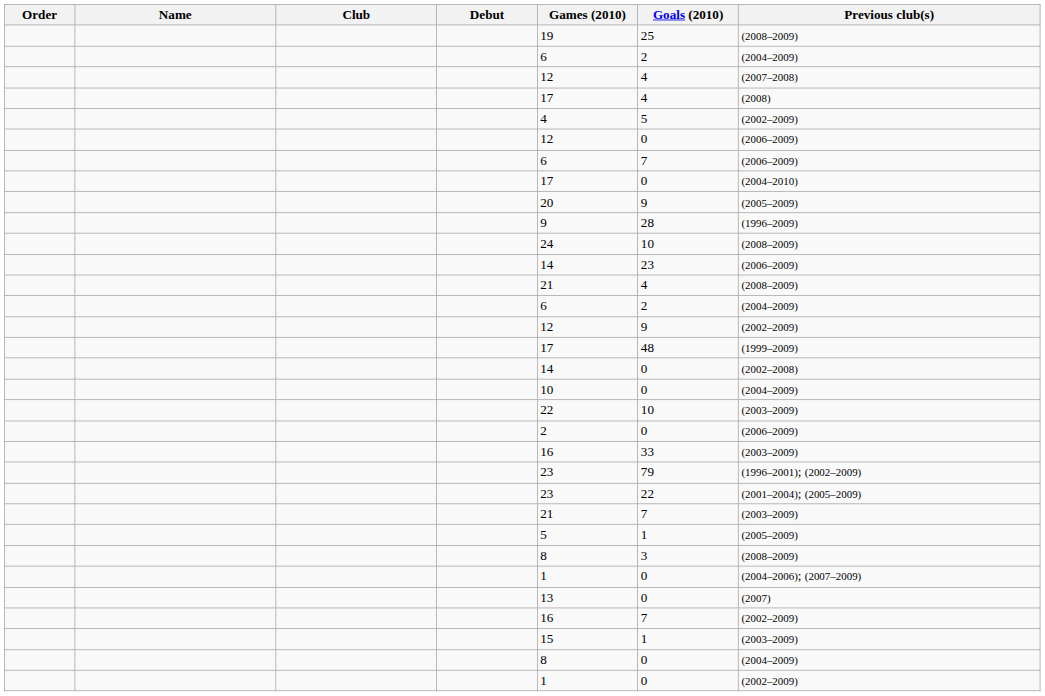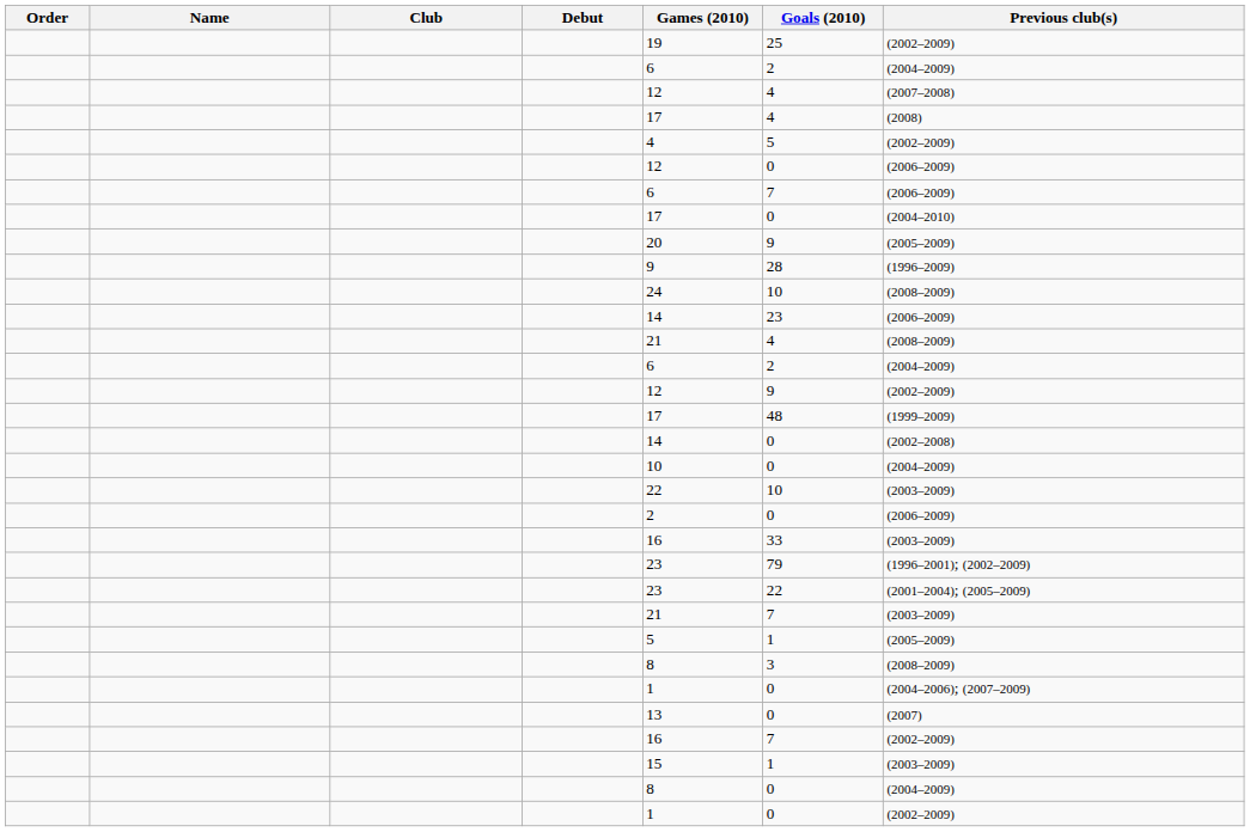 <table class="wikitable sortable" width="100%">
 <tr style="background:#efefef;">
 <th width=3%>Order</th>
 <th style="width:10%;">Name</th>
 <th width=8%>Club</th>
 <th width=5%>Debut</th>
 <th width=5%>Games (2010)</th>
 <th width=5%><a href='#'>Goals</a> (2010)</th>
 <th style="width:15%;">Previous club(s)</th>
 </tr>
 <tr>
 <td></td>
 <td></td>
 <td></td>
 <td></td>
 <td>19</td>
 <td>25</td>
-<td> <small>(2008–2009)</small></td>
+<td> <small>(2002–2009)</small></td>
 </tr>
 <tr>
 <td></td>
 <td></td>
 <td></td>
 <td></td>
 <td>6</td>
 <td>2</td>
 <td> <small>(2004–2009)</small></td>
 </tr>
 <tr>
 <td></td>
 <td></td>
 <td></td>
 <td></td>
 <td>12</td>
 <td>4</td>
 <td> <small>(2007–2008)</small></td>
 </tr>
 <tr>
 <td></td>
 <td></td>
 <td></td>
 <td></td>
 <td>17</td>
 <td>4</td>
 <td> <small>(2008)</small></td>
 </tr>
 <tr>
 <td></td>
 <td></td>
 <td></td>
 <td></td>
 <td>4</td>
 <td>5</td>
 <td> <small>(2002–2009)</small></td>
 </tr>
 <tr>
 <td></td>
 <td></td>
 <td></td>
 <td></td>
 <td>12</td>
 <td>0</td>
 <td> <small>(2006–2009)</small></td>
 </tr>
 <tr>
 <td></td>
 <td></td>
 <td></td>
 <td></td>
 <td>6</td>
 <td>7</td>
 <td> <small>(2006–2009)</small></td>
 </tr>
 <tr>
 <td></td>
 <td></td>
 <td></td>
 <td></td>
 <td>17</td>
 <td>0</td>
 <td> <small>(2004–2010)</small></td>
 </tr>
 <tr>
 <td></td>
 <td></td>
 <td></td>
 <td></td>
 <td>20</td>
 <td>9</td>
 <td> <small>(2005–2009)</small></td>
 </tr>
 <tr>
 <td></td>
 <td></td>
 <td></td>
 <td></td>
 <td>9</td>
 <td>28</td>
 <td> <small>(1996–2009)</small></td>
 </tr>
 <tr>
 <td></td>
 <td></td>
 <td></td>
 <td></td>
 <td>24</td>
 <td>10</td>
 <td> <small>(2008–2009)</small></td>
 </tr>
 <tr>
 <td></td>
 <td></td>
 <td></td>
 <td></td>
 <td>14</td>
 <td>23</td>
 <td> <small>(2006–2009)</small></td>
 </tr>
 <tr>
 <td></td>
 <td></td>
 <td></td>
 <td></td>
 <td>21</td>
 <td>4</td>
 <td> <small>(2008–2009)</small></td>
 </tr>
 <tr>
 <td></td>
 <td></td>
 <td></td>
 <td></td>
 <td>6</td>
 <td>2</td>
 <td> <small>(2004–2009)</small></td>
 </tr>
 <tr>
 <td></td>
 <td></td>
 <td></td>
 <td></td>
 <td>12</td>
 <td>9</td>
 <td> <small>(2002–2009)</small></td>
 </tr>
 <tr>
 <td></td>
 <td></td>
 <td></td>
 <td></td>
 <td>17</td>
 <td>48</td>
 <td> <small>(1999–2009)</small></td>
 </tr>
 <tr>
 <td></td>
 <td></td>
 <td></td>
 <td></td>
 <td>14</td>
 <td>0</td>
 <td> <small>(2002–2008)</small></td>
 </tr>
 <tr>
 <td></td>
 <td></td>
 <td></td>
 <td></td>
 <td>10</td>
 <td>0</td>
 <td> <small>(2004–2009)</small></td>
 </tr>
 <tr>
 <td></td>
 <td></td>
 <td></td>
 <td></td>
 <td>22</td>
 <td>10</td>
 <td> <small>(2003–2009)</small></td>
 </tr>
 <tr>
 <td></td>
 <td></td>
 <td></td>
 <td></td>
 <td>2</td>
 <td>0</td>
 <td> <small>(2006–2009)</small></td>
 </tr>
 <tr>
 <td></td>
 <td></td>
 <td></td>
 <td></td>
 <td>16</td>
 <td>33</td>
 <td> <small>(2003–2009)</small></td>
 </tr>
 <tr>
 <td></td>
 <td></td>
 <td></td>
 <td></td>
 <td>23</td>
 <td>79</td>
 <td> <small>(1996–2001)</small>;  <small>(2002–2009)</small></td>
 </tr>
 <tr>
 <td></td>
 <td></td>
 <td></td>
 <td></td>
 <td>23</td>
 <td>22</td>
 <td> <small>(2001–2004)</small>;  <small>(2005–2009)</small></td>
 </tr>
 <tr>
 <td></td>
 <td></td>
 <td></td>
 <td></td>
 <td>21</td>
 <td>7</td>
 <td> <small>(2003–2009)</small></td>
 </tr>
 <tr>
 <td></td>
 <td></td>
 <td></td>
 <td></td>
 <td>5</td>
 <td>1</td>
 <td> <small>(2005–2009)</small></td>
 </tr>
 <tr>
 <td></td>
 <td></td>
 <td></td>
 <td></td>
 <td>8</td>
 <td>3</td>
 <td> <small>(2008–2009)</small></td>
 </tr>
 <tr>
 <td></td>
 <td></td>
 <td></td>
 <td></td>
 <td>1</td>
 <td>0</td>
 <td> <small>(2004–2006)</small>;   <small>(2007–2009)</small></td>
 </tr>
 <tr>
 <td></td>
 <td></td>
 <td></td>
 <td></td>
 <td>13</td>
 <td>0</td>
 <td> <small>(2007)</small></td>
 </tr>
 <tr>
 <td></td>
 <td></td>
 <td></td>
 <td></td>
 <td>16</td>
 <td>7</td>
 <td> <small>(2002–2009)</small></td>
 </tr>
 <tr>
 <td></td>
 <td></td>
 <td></td>
 <td></td>
 <td>15</td>
 <td>1</td>
 <td> <small>(2003–2009)</small></td>
 </tr>
 <tr>
 <td></td>
 <td></td>
 <td></td>
 <td></td>
 <td>8</td>
 <td>0</td>
 <td> <small>(2004–2009)</small></td>
 </tr>
 <tr>
 <td></td>
 <td></td>
 <td></td>
 <td></td>
 <td>1</td>
 <td>0</td>
 <td> <small>(2002–2009)</small></td>
 </tr>
 </table>
